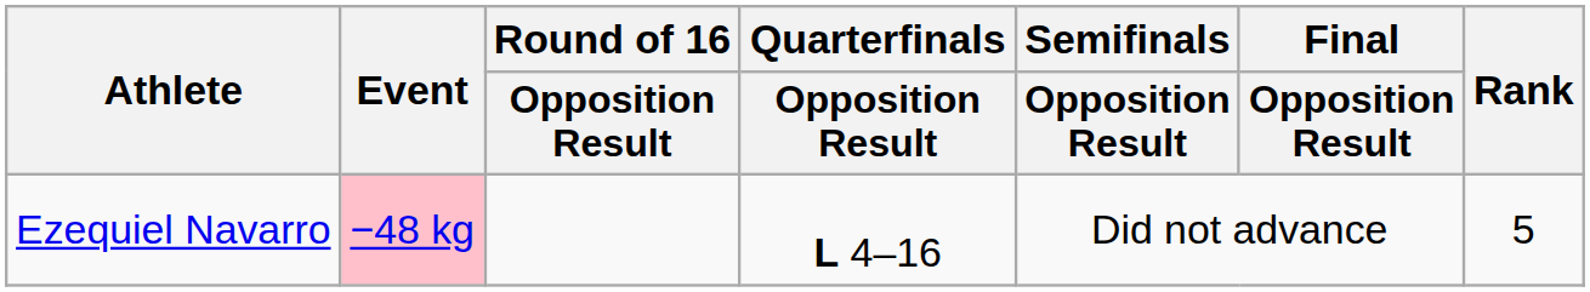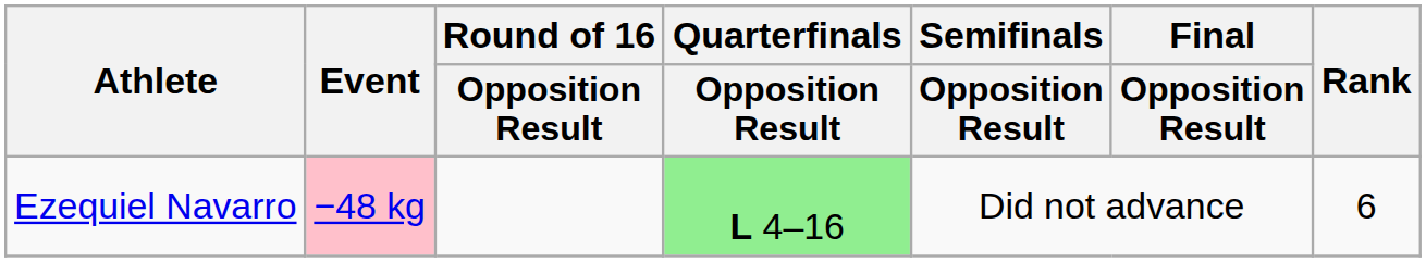 <table class="wikitable" style="font-size:90%;">
 <tr>
 <th rowspan=2>Athlete</th>
 <th rowspan=2>Event</th>
 <th>Round of 16</th>
 <th>Quarterfinals</th>
 <th>Semifinals</th>
 <th>Final</th>
 <th rowspan=2>Rank</th>
 </tr>
 <tr style="font-size:95%">
 <th>Opposition<br>Result</th>
 <th>Opposition<br>Result</th>
 <th>Opposition<br>Result</th>
 <th>Opposition<br>Result</th>
 </tr>
 <tr align=center>
 <td align=left><a href='#'>Ezequiel Navarro</a></td>
 <td align=left style="background: pink;"><a href='#'>−48 kg</a></td>
 <td></td>
-<td><br><strong>L</strong> 4–16</td>
+<td style="background: lightgreen;"><br><strong>L</strong> 4–16</td>
 <td colspan=2>Did not advance</td>
-<td>5</td>
+<td>6</td>
 </tr>
 </table>
